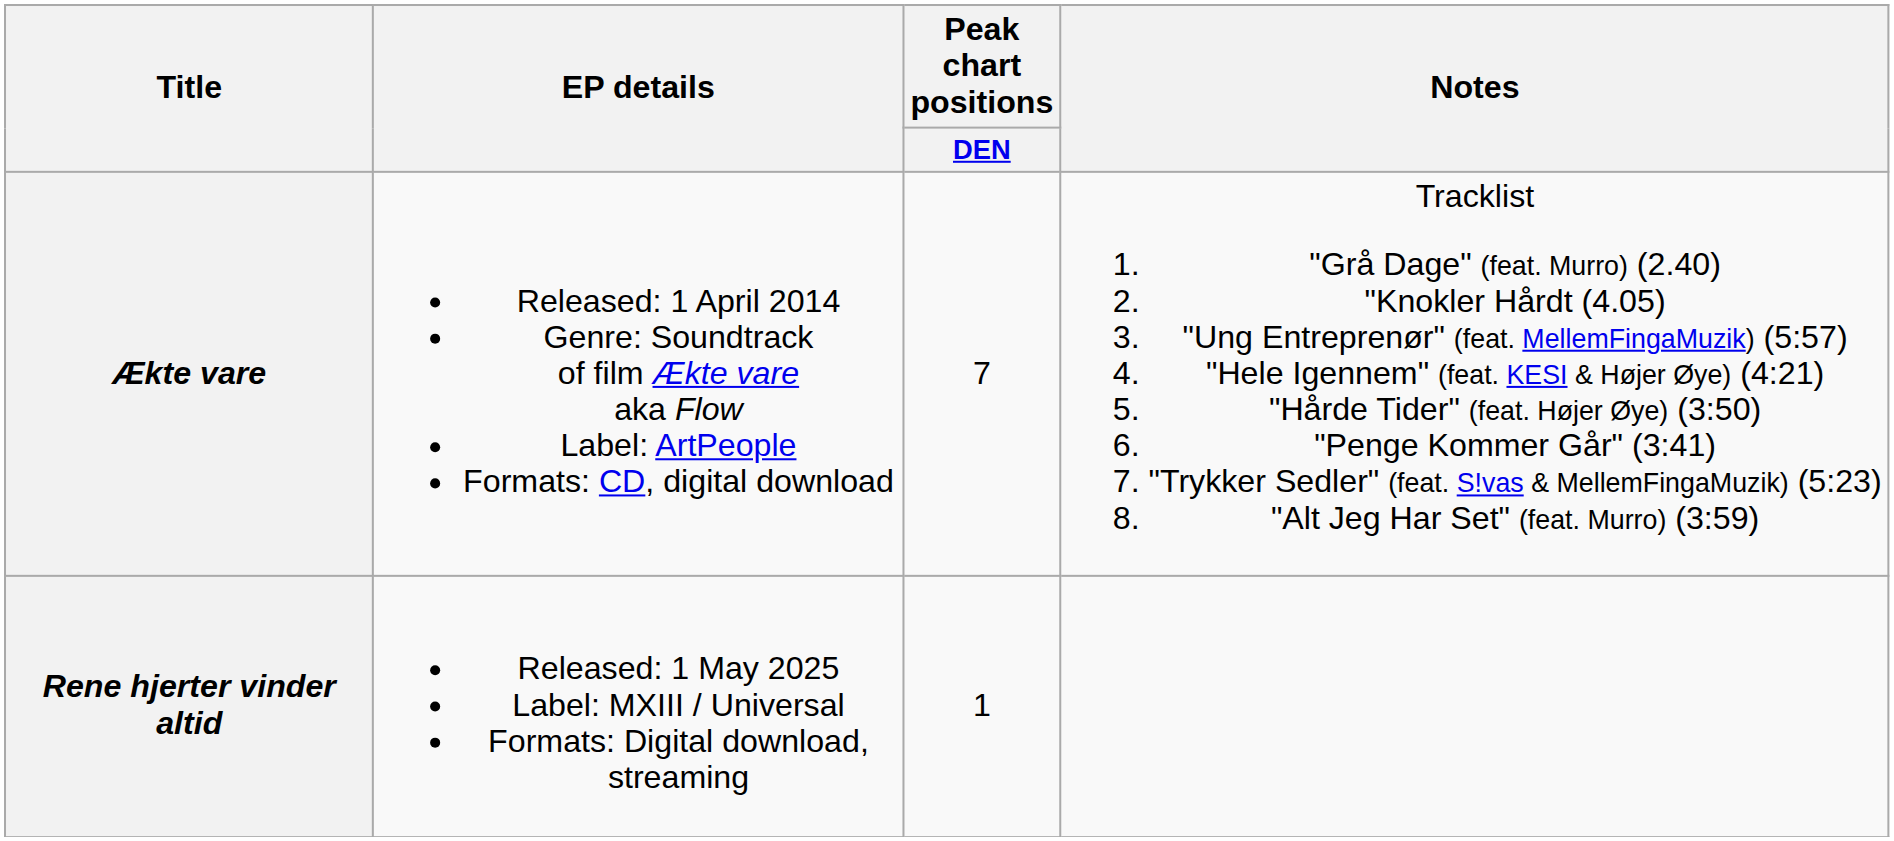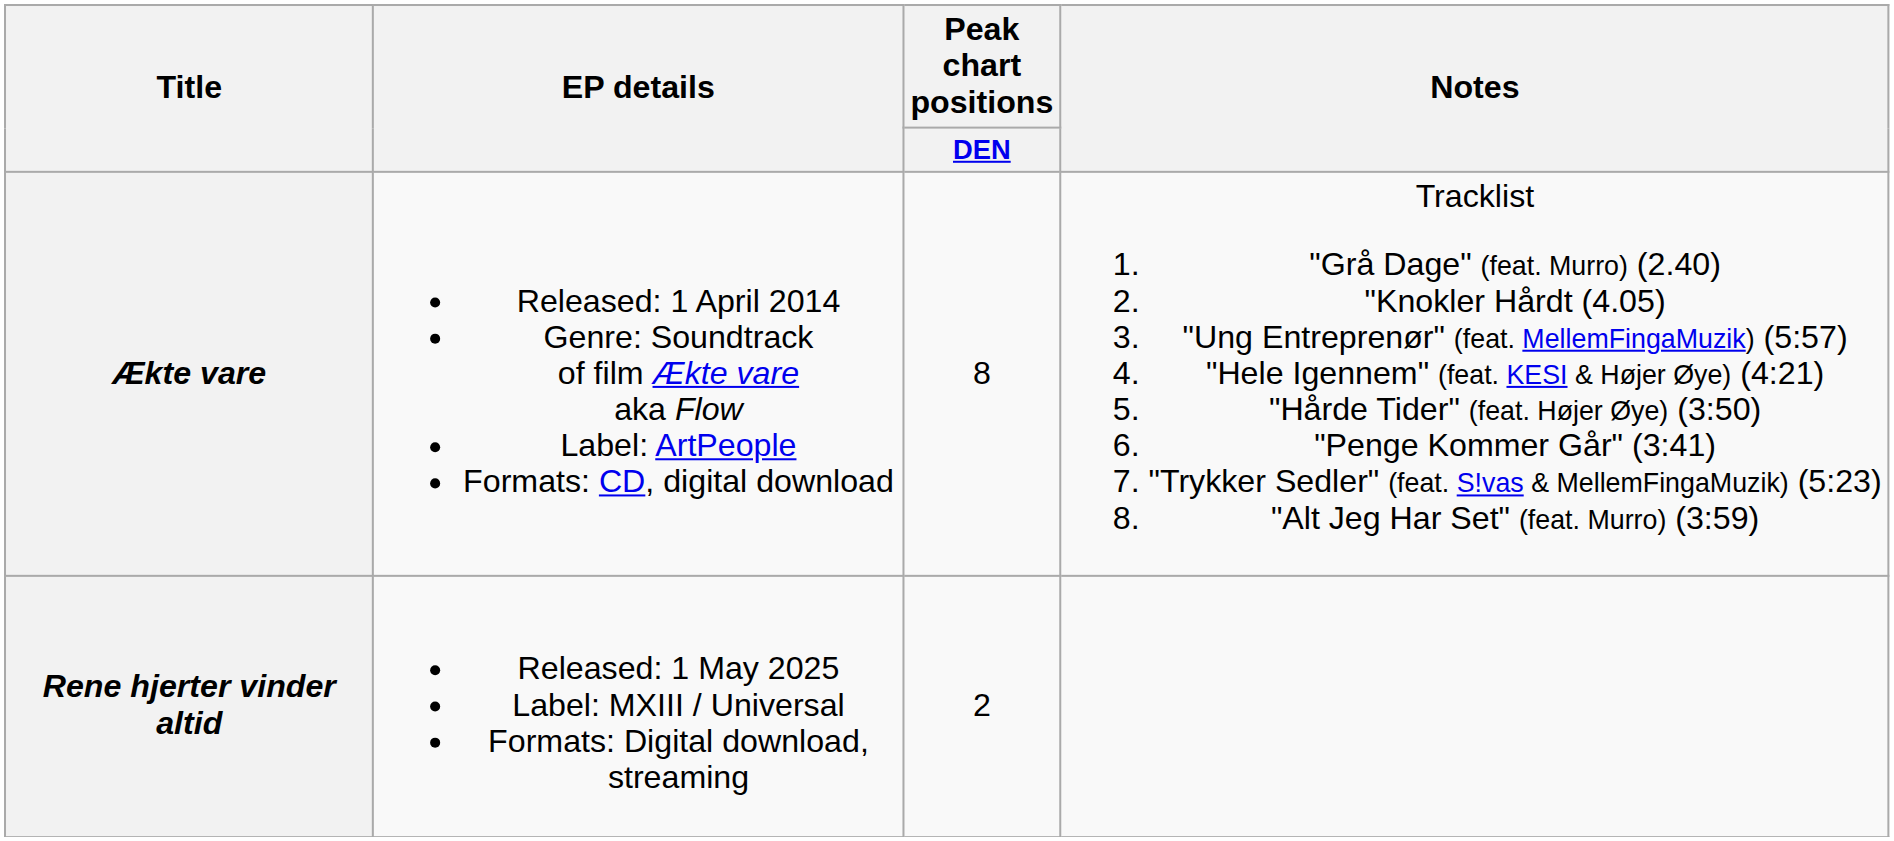 <table class="wikitable plainrowheaders" style="text-align:center;" border="1">
 <tr>
 <th scope="col" rowspan="2" style="width:11em;">Title</th>
 <th scope="col" rowspan="2" style="width:16em;">EP details</th>
 <th scope="col" colspan="1">Peak chart positions</th>
 <th scope="col" rowspan="2">Notes</th>
 </tr>
 <tr>
 <th scope="col" style="width:3em;font-size:85%;"><a href='#'>DEN</a><br></th>
 </tr>
 <tr>
 <th scope="row"><em>Ækte vare</em></th>
 <td><br><ul><li>Released: 1 April 2014</li><li>Genre: Soundtrack <br>of film <em><a href='#'>Ækte vare</a></em> <br>aka <em>Flow</em></li><li>Label: <a href='#'>ArtPeople</a></li><li>Formats: <a href='#'>CD</a>, digital download</li></ul></td>
-<td>7</td>
+<td>8</td>
 <td>Tracklist<br><ol><li>"Grå Dage" <small>(feat. Murro)</small> (2.40)</li><li>"Knokler Hårdt (4.05)</li><li>"Ung Entreprenør" <small>(feat. <a href='#'>MellemFingaMuzik</a>)</small> (5:57)</li><li>"Hele Igennem" <small>(feat. <a href='#'>KESI</a> & Højer Øye)</small> (4:21)</li><li>"Hårde Tider" <small>(feat. Højer Øye)</small> (3:50)</li><li>"Penge Kommer Går" (3:41)</li><li>"Trykker Sedler" <small>(feat. <a href='#'>S!vas</a> & MellemFingaMuzik)</small> (5:23)</li><li>"Alt Jeg Har Set" <small>(feat. Murro)</small> (3:59)</li></ol></td>
 </tr>
 <tr>
 <th scope="row"><em>Rene hjerter vinder altid</em></th>
 <td><br><ul><li>Released: 1 May 2025</li><li>Label: MXIII / Universal</li><li>Formats: Digital download, streaming</li></ul></td>
-<td>1<br></td>
+<td>2<br></td>
 </tr>
 </table>
